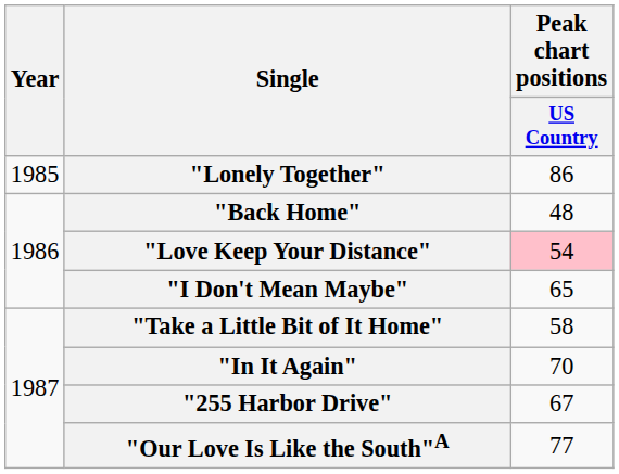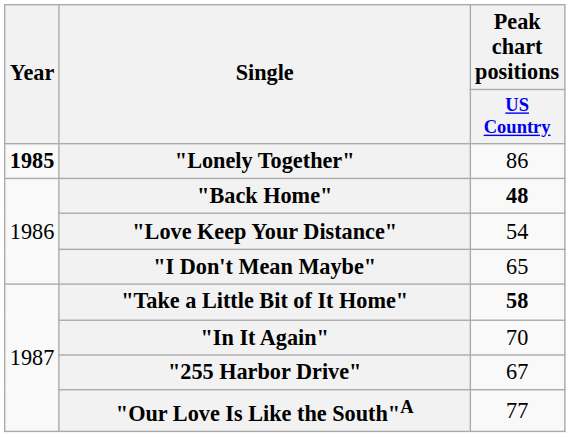 <table class="wikitable plainrowheaders" style="text-align:center;">
 <tr>
 <th rowspan="2">Year</th>
 <th rowspan="2" style="width:18em;">Single</th>
 <th colspan="1">Peak chart<br>positions</th>
 </tr>
 <tr style="font-size:smaller;">
 <th width="45"><a href='#'>US Country</a></th>
 </tr>
 <tr>
-<td>1985</td>
+<td><strong>1985</strong></td>
 <th scope="row">"Lonely Together"</th>
 <td>86</td>
 </tr>
 <tr>
 <td rowspan=3>1986</td>
 <th scope="row">"Back Home"</th>
-<td>48</td>
+<td><strong>48</strong></td>
 </tr>
 <tr>
 <th scope="row">"Love Keep Your Distance"</th>
-<td style="background: pink;">54</td>
+<td>54</td>
 </tr>
 <tr>
 <th scope="row">"I Don't Mean Maybe"</th>
 <td>65</td>
 </tr>
 <tr>
 <td rowspan=4>1987</td>
 <th scope="row">"Take a Little Bit of It Home"</th>
-<td>58</td>
+<td><strong>58</strong></td>
 </tr>
 <tr>
 <th scope="row">"In It Again"</th>
 <td>70</td>
 </tr>
 <tr>
 <th scope="row">"255 Harbor Drive"</th>
 <td>67</td>
 </tr>
 <tr>
 <th scope="row">"Our Love Is Like the South"<sup>A</sup></th>
 <td>77</td>
 </tr>
 </table>
